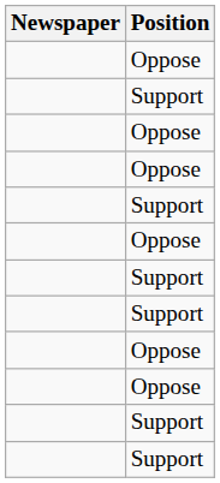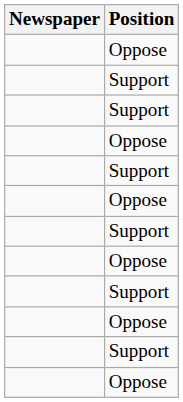 <table class="wikitable sortable">
 <tr>
 <th>Newspaper</th>
 <th>Position</th>
 </tr>
 <tr>
 <td></td>
 <td>Oppose</td>
 </tr>
 <tr>
 <td></td>
 <td>Support</td>
 </tr>
 <tr>
 <td></td>
-<td>Oppose</td>
+<td>Support</td>
 </tr>
 <tr>
 <td></td>
 <td>Oppose</td>
 </tr>
 <tr>
 <td></td>
 <td>Support</td>
 </tr>
 <tr>
 <td></td>
 <td>Oppose</td>
 </tr>
 <tr>
 <td></td>
 <td>Support</td>
 </tr>
 <tr>
 <td></td>
-<td>Support</td>
+<td>Oppose</td>
 </tr>
 <tr>
 <td></td>
-<td>Oppose</td>
+<td>Support</td>
 </tr>
 <tr>
 <td></td>
 <td>Oppose</td>
 </tr>
 <tr>
 <td></td>
 <td>Support</td>
 </tr>
 <tr>
 <td></td>
-<td>Support</td>
+<td>Oppose</td>
 </tr>
 </table>
